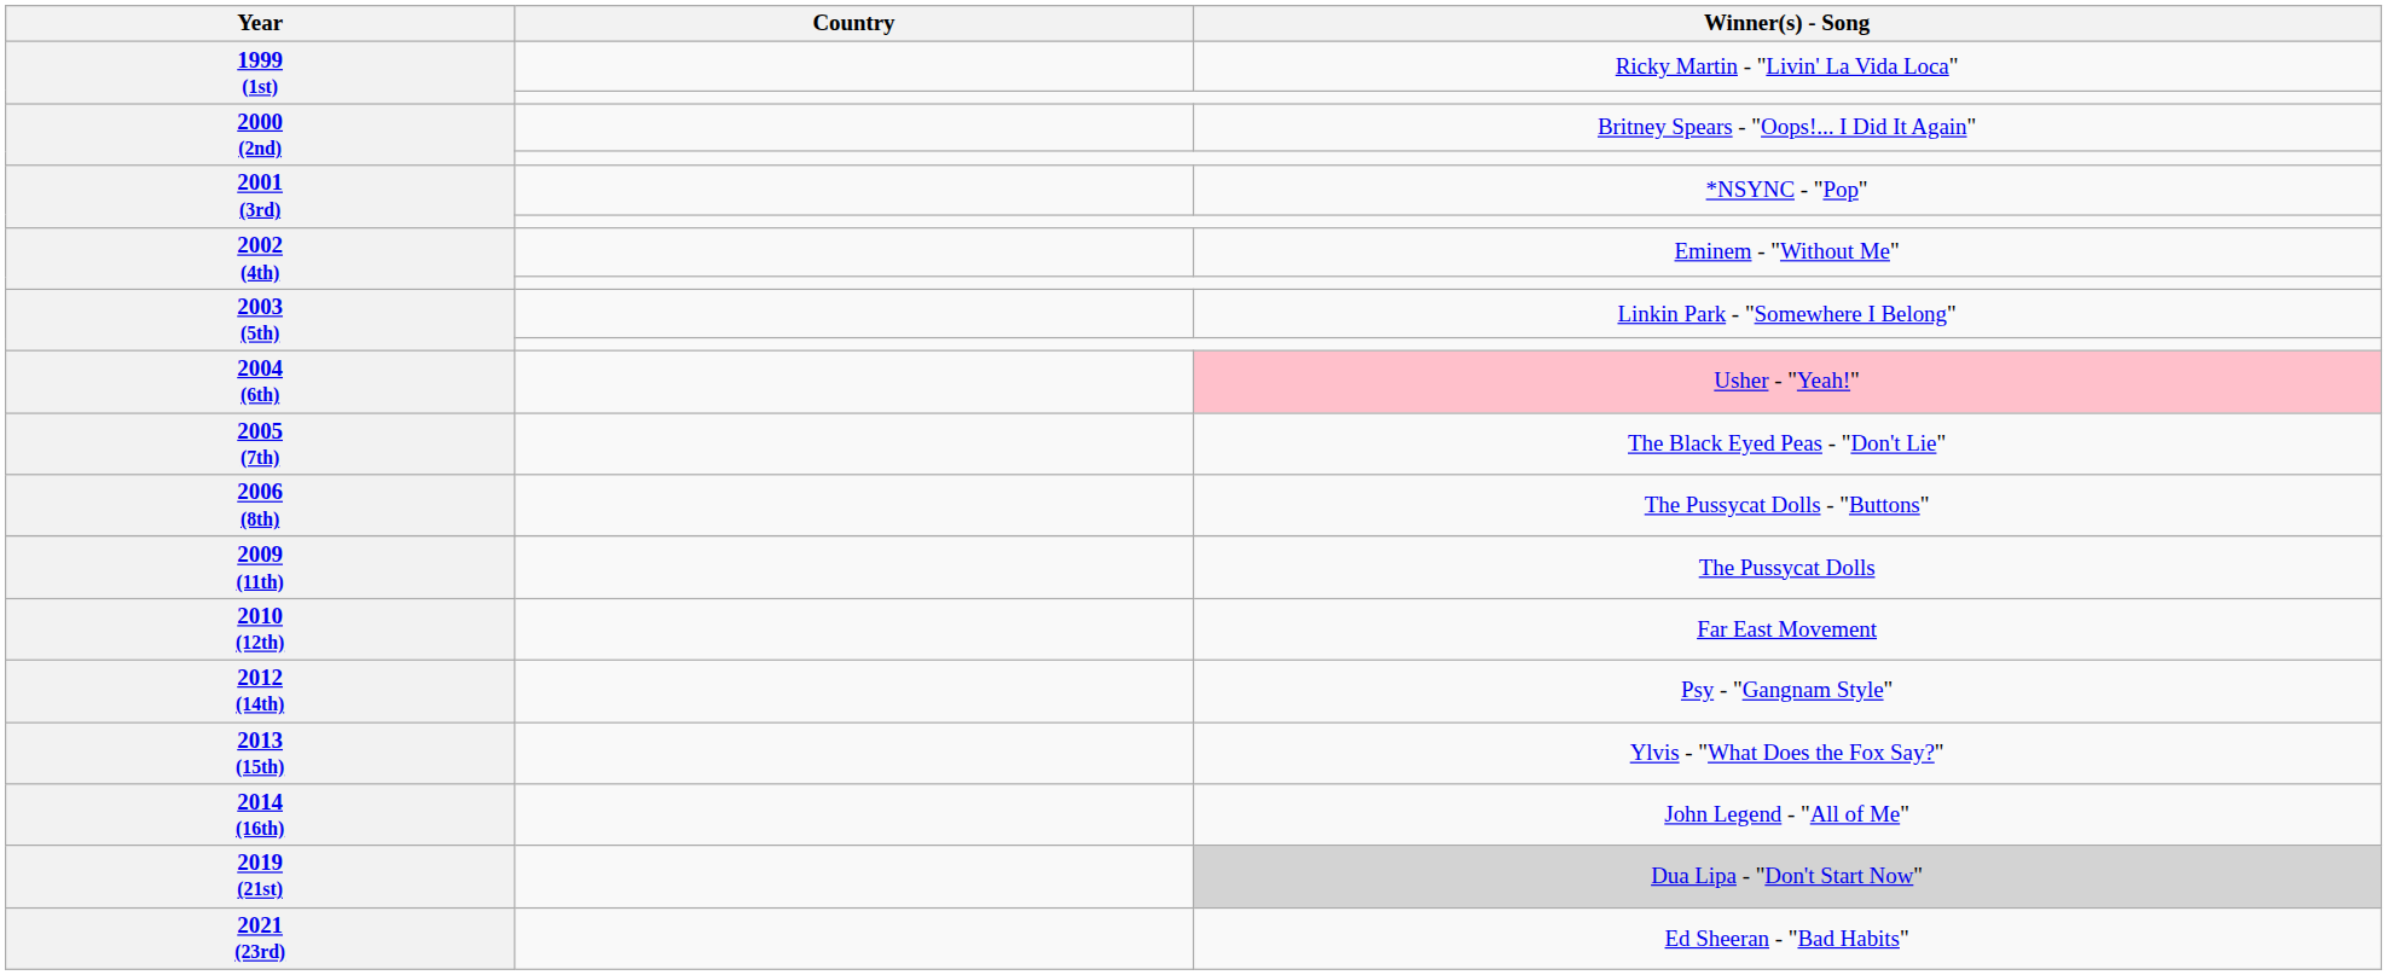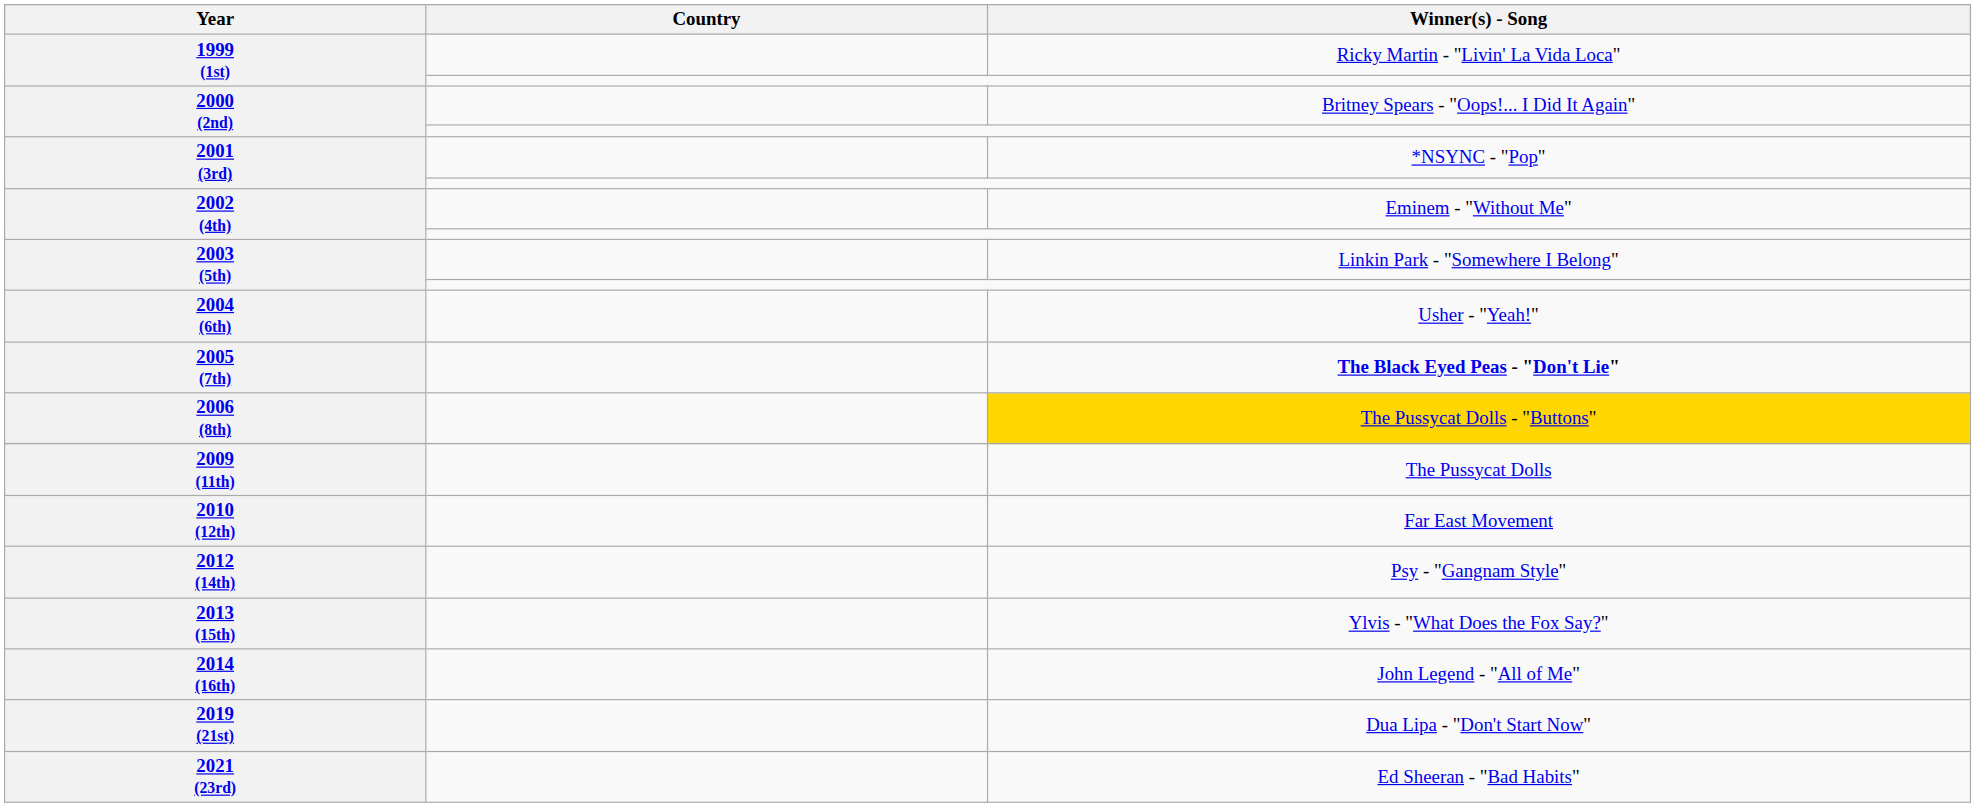 <table class="wikitable" style="text-align:center; width:84%;">
 <tr style="background:#bebebe;">
 <th scope="col" style="width:15%;">Year</th>
 <th scope="col" style="width:20%;">Country</th>
 <th scope="col" style="width:35%;">Winner(s) - Song</th>
 </tr>
 <tr>
 <th scope="row" style="text-align:center" rowspan=2><a href='#'>1999<br><small>(1st)</small></a></th>
 <td></td>
 <td><a href='#'>Ricky Martin</a> - "<a href='#'>Livin' La Vida Loca</a>"</td>
 </tr>
 <tr>
 <td style="font-size: 85%;" colspan=2></td>
 </tr>
 <tr>
 <th scope="row" style="text-align:center" rowspan=2><a href='#'>2000<br><small>(2nd)</small></a></th>
 <td></td>
 <td colspan=1><a href='#'>Britney Spears</a> - "<a href='#'>Oops!... I Did It Again</a>"</td>
 </tr>
 <tr>
 <td colspan=2></td>
 </tr>
 <tr>
 <th scope="row" style="text-align:center" rowspan=2><a href='#'>2001<br><small>(3rd)</small></a></th>
 <td></td>
 <td><a href='#'>*NSYNC</a> - "<a href='#'>Pop</a>"</td>
 </tr>
 <tr>
 <td style="font-size: 85%;" colspan=2></td>
 </tr>
 <tr>
 <th scope="row" style="text-align:center" rowspan=2><a href='#'>2002<br><small>(4th)</small></a></th>
 <td></td>
 <td><a href='#'>Eminem</a> - "<a href='#'>Without Me</a>"</td>
 </tr>
 <tr>
 <td style="font-size: 85%;" colspan=2></td>
 </tr>
 <tr>
 <th scope="row" style="text-align:center" rowspan=2><a href='#'>2003<br><small>(5th)</small></a></th>
 <td></td>
 <td><a href='#'>Linkin Park</a> - "<a href='#'>Somewhere I Belong</a>"</td>
 </tr>
 <tr>
 <td style="font-size: 85%;" colspan=2></td>
 </tr>
 <tr>
 <th scope="row" style="text-align:center"><a href='#'>2004<br><small>(6th)</small></a></th>
 <td></td>
-<td style="background: pink;"><a href='#'>Usher</a> - "<a href='#'>Yeah!</a>"</td>
+<td><a href='#'>Usher</a> - "<a href='#'>Yeah!</a>"</td>
 </tr>
 <tr>
 <th scope="row" style="text-align:center"><a href='#'>2005<br><small>(7th)</small></a></th>
 <td></td>
-<td><a href='#'>The Black Eyed Peas</a> - "<a href='#'>Don't Lie</a>"</td>
+<td><strong><a href='#'>The Black Eyed Peas</a> - "<a href='#'>Don't Lie</a>"</strong></td>
 </tr>
 <tr>
 <th scope="row" style="text-align:center"><a href='#'>2006<br><small>(8th)</small></a></th>
 <td></td>
-<td><a href='#'>The Pussycat Dolls</a> - "<a href='#'>Buttons</a>"</td>
+<td style="background: gold;"><a href='#'>The Pussycat Dolls</a> - "<a href='#'>Buttons</a>"</td>
 </tr>
 <tr>
 </tr>
 <tr>
 <th scope="row" style="text-align:center"><a href='#'>2009 <br><small>(11th)</small></a></th>
 <td></td>
 <td><a href='#'>The Pussycat Dolls</a></td>
 </tr>
 <tr>
 <th scope="row" style="text-align:center"><a href='#'>2010 <br><small>(12th)</small></a></th>
 <td></td>
 <td><a href='#'>Far East Movement</a></td>
 </tr>
 <tr>
 <th scope="row" style="text-align:center"><a href='#'>2012 <br><small>(14th)</small></a></th>
 <td></td>
 <td><a href='#'>Psy</a> - "<a href='#'>Gangnam Style</a>"</td>
 </tr>
 <tr>
 <th scope="row" style="text-align:center"><a href='#'>2013 <br><small>(15th)</small></a></th>
 <td></td>
 <td><a href='#'>Ylvis</a> - "<a href='#'>What Does the Fox Say?</a>"</td>
 </tr>
 <tr>
 <th scope="row" style="text-align:center"><a href='#'>2014 <br><small>(16th)</small></a></th>
 <td></td>
 <td><a href='#'>John Legend</a> - "<a href='#'>All of Me</a>"</td>
 </tr>
 <tr>
 <th scope="row" style="text-align:center"><a href='#'>2019 <br><small>(21st)</small></a></th>
 <td></td>
-<td style="background: lightgrey;"><a href='#'>Dua Lipa</a> - "<a href='#'>Don't Start Now</a>"</td>
+<td><a href='#'>Dua Lipa</a> - "<a href='#'>Don't Start Now</a>"</td>
 </tr>
 <tr>
 <th scope="row" style="text-align:center"><a href='#'>2021 <br><small>(23rd)</small></a></th>
 <td></td>
 <td><a href='#'>Ed Sheeran</a> - "<a href='#'>Bad Habits</a>"</td>
 </tr>
 </table>
